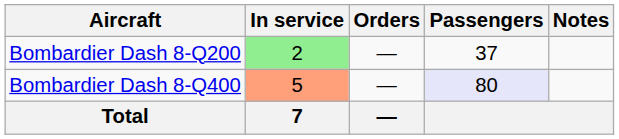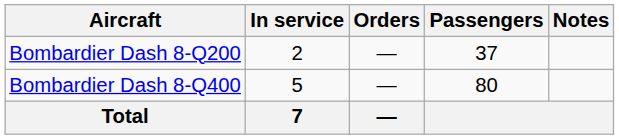 <table class="wikitable" style="margin:1em auto; border-collapse:collapse;text-align:center">
 <tr>
 <th>Aircraft</th>
 <th>In service</th>
 <th>Orders</th>
 <th>Passengers</th>
 <th>Notes</th>
 </tr>
 <tr>
 <td><a href='#'>Bombardier Dash 8-Q200</a></td>
-<td style="background: lightgreen;">2</td>
+<td>2</td>
 <td>—</td>
 <td>37</td>
 <td></td>
 </tr>
 <tr>
 <td><a href='#'>Bombardier Dash 8-Q400</a></td>
-<td style="background: lightsalmon;">5</td>
+<td>5</td>
 <td>—</td>
-<td style="background: lavender;">80</td>
+<td>80</td>
 <td></td>
 </tr>
 <tr>
 <th>Total</th>
 <th>7</th>
 <th>—</th>
 <th colspan="3"></th>
 </tr>
 </table>
